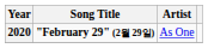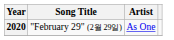 <table class="wikitable plainrowheaders">
 <tr>
 <th scope="col">Year</th>
 <th scope="col">Song Title</th>
 <th scope="col">Artist</th>
 <th scope="col" class="unsortable"></th>
 </tr>
 <tr>
 <th scope="row">2020</th>
-<td><strong>"February 29" <small>(2월 29일)</small></strong></td>
+<td>"February 29" <small>(2월 29일)</small></td>
 <td><a href='#'>As One</a></td>
 <td style="text-align:center;"></td>
 </tr>
 <tr>
 </tr>
 </table>
